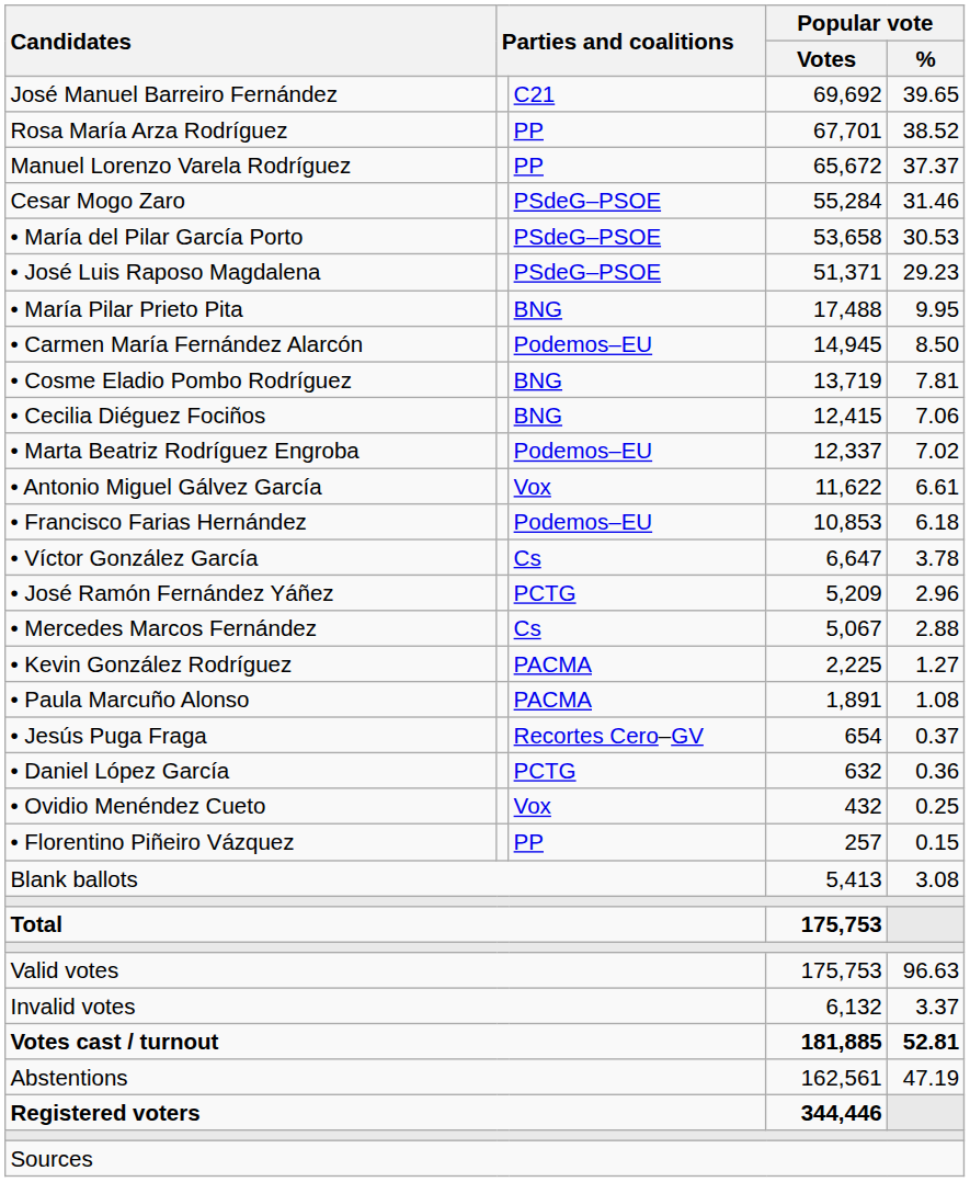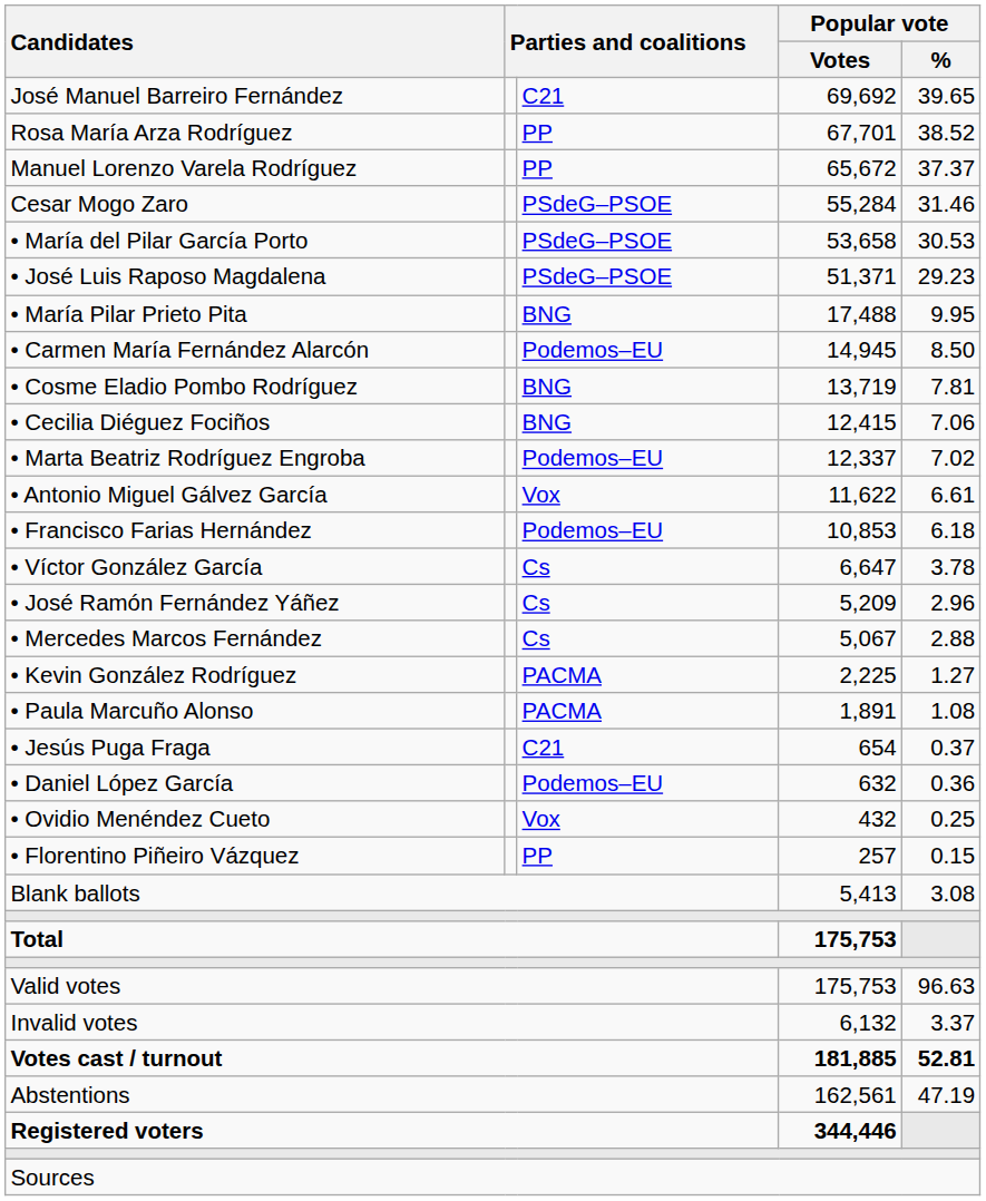 <table class="wikitable" style="text-align:right; font-size:95%;">
 <tr>
 <th style="text-align:left;" rowspan="2" width="325">Candidates</th>
 <th style="text-align:left;" rowspan="2" colspan="2" width="175">Parties and coalitions</th>
 <th colspan="2">Popular vote</th>
 </tr>
 <tr>
 <th width="75">Votes</th>
 <th width="45">%</th>
 </tr>
 <tr>
 <td align="left"> José Manuel Barreiro Fernández</td>
 <td width="1" style="color:inherit;background:"></td>
 <td align="left"><a href='#'>C21</a></td>
 <td>69,692</td>
 <td>39.65</td>
 </tr>
 <tr>
 <td align="left"> Rosa María Arza Rodríguez</td>
 <td style="color:inherit;background:"></td>
 <td align="left"><a href='#'>PP</a></td>
 <td>67,701</td>
 <td>38.52</td>
 </tr>
 <tr>
 <td align="left"> Manuel Lorenzo Varela Rodríguez</td>
 <td style="color:inherit;background:"></td>
 <td align="left"><a href='#'>PP</a></td>
 <td>65,672</td>
 <td>37.37</td>
 </tr>
 <tr>
 <td align="left"> Cesar Mogo Zaro</td>
 <td style="color:inherit;background:"></td>
 <td align="left"><a href='#'>PSdeG–PSOE</a></td>
 <td>55,284</td>
 <td>31.46</td>
 </tr>
 <tr>
 <td align="left">• María del Pilar García Porto</td>
 <td style="color:inherit;background:"></td>
 <td align="left"><a href='#'>PSdeG–PSOE</a></td>
 <td>53,658</td>
 <td>30.53</td>
 </tr>
 <tr>
 <td align="left">• José Luis Raposo Magdalena</td>
 <td style="color:inherit;background:"></td>
 <td align="left"><a href='#'>PSdeG–PSOE</a></td>
 <td>51,371</td>
 <td>29.23</td>
 </tr>
 <tr>
 <td align="left">• María Pilar Prieto Pita</td>
 <td style="color:inherit;background:"></td>
 <td align="left"><a href='#'>BNG</a></td>
 <td>17,488</td>
 <td>9.95</td>
 </tr>
 <tr>
 <td align="left">• Carmen María Fernández Alarcón</td>
 <td style="color:inherit;background:"></td>
 <td align="left"><a href='#'>Podemos–EU</a></td>
 <td>14,945</td>
 <td>8.50</td>
 </tr>
 <tr>
 <td align="left">• Cosme Eladio Pombo Rodríguez</td>
 <td style="color:inherit;background:"></td>
 <td align="left"><a href='#'>BNG</a></td>
 <td>13,719</td>
 <td>7.81</td>
 </tr>
 <tr>
 <td align="left">• Cecilia Diéguez Fociños</td>
 <td style="color:inherit;background:"></td>
 <td align="left"><a href='#'>BNG</a></td>
 <td>12,415</td>
 <td>7.06</td>
 </tr>
 <tr>
 <td align="left">• Marta Beatriz Rodríguez Engroba</td>
 <td style="color:inherit;background:"></td>
 <td align="left"><a href='#'>Podemos–EU</a></td>
 <td>12,337</td>
 <td>7.02</td>
 </tr>
 <tr>
 <td align="left">• Antonio Miguel Gálvez García</td>
 <td style="color:inherit;background:"></td>
 <td align="left"><a href='#'>Vox</a></td>
 <td>11,622</td>
 <td>6.61</td>
 </tr>
 <tr>
 <td align="left">• Francisco Farias Hernández</td>
 <td style="color:inherit;background:"></td>
 <td align="left"><a href='#'>Podemos–EU</a></td>
 <td>10,853</td>
 <td>6.18</td>
 </tr>
 <tr>
 <td align="left">• Víctor González García</td>
 <td style="color:inherit;background:"></td>
 <td align="left"><a href='#'>Cs</a></td>
 <td>6,647</td>
 <td>3.78</td>
 </tr>
 <tr>
 <td align="left">• José Ramón Fernández Yáñez</td>
 <td style="color:inherit;background:"></td>
-<td align="left"><a href='#'>PCTG</a></td>
+<td align="left"><a href='#'>Cs</a></td>
 <td>5,209</td>
 <td>2.96</td>
 </tr>
 <tr>
 <td align="left">• Mercedes Marcos Fernández</td>
 <td style="color:inherit;background:"></td>
 <td align="left"><a href='#'>Cs</a></td>
 <td>5,067</td>
 <td>2.88</td>
 </tr>
 <tr>
 <td align="left">• Kevin González Rodríguez</td>
 <td style="color:inherit;background:"></td>
 <td align="left"><a href='#'>PACMA</a></td>
 <td>2,225</td>
 <td>1.27</td>
 </tr>
 <tr>
 <td align="left">• Paula Marcuño Alonso</td>
 <td style="color:inherit;background:"></td>
 <td align="left"><a href='#'>PACMA</a></td>
 <td>1,891</td>
 <td>1.08</td>
 </tr>
 <tr>
 <td align="left">• Jesús Puga Fraga</td>
 <td style="color:inherit;background:"></td>
-<td align="left"><a href='#'>Recortes Cero</a>–<a href='#'>GV</a></td>
+<td align="left"><a href='#'>C21</a></td>
 <td>654</td>
 <td>0.37</td>
 </tr>
 <tr>
 <td align="left">• Daniel López García</td>
 <td style="color:inherit;background:"></td>
-<td align="left"><a href='#'>PCTG</a></td>
+<td align="left"><a href='#'>Podemos–EU</a></td>
 <td>632</td>
 <td>0.36</td>
 </tr>
 <tr>
 <td align="left">• Ovidio Menéndez Cueto</td>
 <td style="color:inherit;background:"></td>
 <td align="left"><a href='#'>Vox</a></td>
 <td>432</td>
 <td>0.25</td>
 </tr>
 <tr>
 <td align="left">• Florentino Piñeiro Vázquez</td>
 <td style="color:inherit;background:"></td>
 <td align="left"><a href='#'>PP</a></td>
 <td>257</td>
 <td>0.15</td>
 </tr>
 <tr>
 <td align="left" colspan="3">Blank ballots</td>
 <td>5,413</td>
 <td>3.08</td>
 </tr>
 <tr>
 <td colspan="5" bgcolor="#E9E9E9"></td>
 </tr>
 <tr style="font-weight:bold;">
 <td align="left" colspan="3">Total</td>
 <td>175,753</td>
 <td bgcolor="#E9E9E9"></td>
 </tr>
 <tr>
 <td colspan="5" bgcolor="#E9E9E9"></td>
 </tr>
 <tr>
 <td align="left" colspan="3">Valid votes</td>
 <td>175,753</td>
 <td>96.63</td>
 </tr>
 <tr>
 <td align="left" colspan="3">Invalid votes</td>
 <td>6,132</td>
 <td>3.37</td>
 </tr>
 <tr style="font-weight:bold;">
 <td align="left" colspan="3">Votes cast / turnout</td>
 <td>181,885</td>
 <td>52.81</td>
 </tr>
 <tr>
 <td align="left" colspan="3">Abstentions</td>
 <td>162,561</td>
 <td>47.19</td>
 </tr>
 <tr style="font-weight:bold;">
 <td align="left" colspan="3">Registered voters</td>
 <td>344,446</td>
 <td bgcolor="#E9E9E9"></td>
 </tr>
 <tr>
 <td colspan="5" bgcolor="#E9E9E9"></td>
 </tr>
 <tr>
 <td align="left" colspan="5">Sources</td>
 </tr>
 </table>
